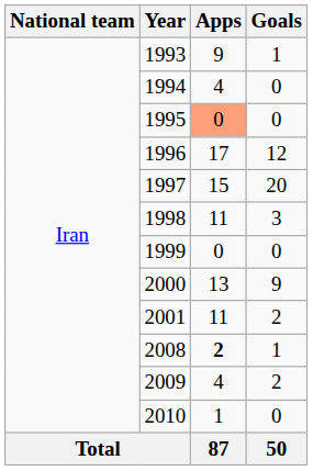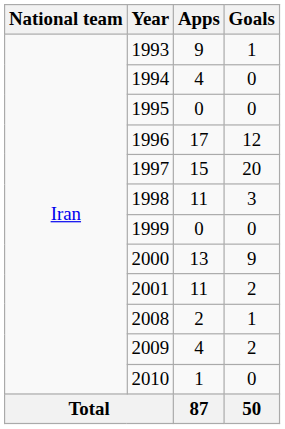 <table class="wikitable" style="text-align:center">
 <tr>
 <th>National team</th>
 <th>Year</th>
 <th>Apps</th>
 <th>Goals</th>
 </tr>
 <tr>
 <td rowspan="12"><a href='#'>Iran</a></td>
 <td>1993</td>
 <td>9</td>
 <td>1</td>
 </tr>
 <tr>
 <td>1994</td>
 <td>4</td>
 <td>0</td>
 </tr>
 <tr>
 <td>1995</td>
-<td style="background: lightsalmon;">0</td>
+<td>0</td>
 <td>0</td>
 </tr>
 <tr>
 <td>1996</td>
 <td>17</td>
 <td>12</td>
 </tr>
 <tr>
 <td>1997</td>
 <td>15</td>
 <td>20</td>
 </tr>
 <tr>
 <td>1998</td>
 <td>11</td>
 <td>3</td>
 </tr>
 <tr>
 <td>1999</td>
 <td>0</td>
 <td>0</td>
 </tr>
 <tr>
 <td>2000</td>
 <td>13</td>
 <td>9</td>
 </tr>
 <tr>
 <td>2001</td>
 <td>11</td>
 <td>2</td>
 </tr>
 <tr>
 <td>2008</td>
-<td><strong>2</strong></td>
+<td>2</td>
 <td>1</td>
 </tr>
 <tr>
 <td>2009</td>
 <td>4</td>
 <td>2</td>
 </tr>
 <tr>
 <td>2010</td>
 <td>1</td>
 <td>0</td>
 </tr>
 <tr>
 <th colspan="2">Total</th>
 <th>87</th>
 <th>50</th>
 </tr>
 </table>
